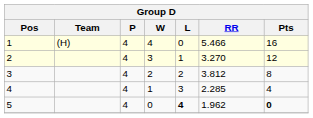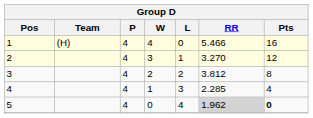 <table class="wikitable" width="80%">
 <tr bgcolor="#efefef">
 <th colspan=7>Group D</th>
 </tr>
 <tr bgcolor="#efefef">
 <th>Pos</th>
 <th>Team</th>
 <th>P</th>
 <th>W</th>
 <th>L</th>
 <th><a href='#'>RR</a></th>
 <th>Pts</th>
 </tr>
 <tr bgcolor="#ffffe0">
 <td>1</td>
 <td> (H)</td>
 <td>4</td>
 <td>4</td>
 <td>0</td>
 <td>5.466</td>
 <td>16</td>
 </tr>
 <tr bgcolor="#ffffe0">
 <td>2</td>
 <td></td>
 <td>4</td>
 <td>3</td>
 <td>1</td>
 <td>3.270</td>
 <td>12</td>
 </tr>
 <tr>
 <td>3</td>
 <td></td>
 <td>4</td>
 <td>2</td>
 <td>2</td>
 <td>3.812</td>
 <td>8</td>
 </tr>
 <tr>
 <td>4</td>
 <td></td>
 <td>4</td>
 <td>1</td>
 <td>3</td>
 <td>2.285</td>
 <td>4</td>
 </tr>
 <tr>
 <td>5</td>
 <td></td>
 <td>4</td>
 <td>0</td>
-<td><strong>4</strong></td>
-<td>1.962</td>
+<td>4</td>
+<td style="background: lightgrey;">1.962</td>
 <td><strong>0</strong></td>
 </tr>
 <tr>
 </tr>
 </table>
